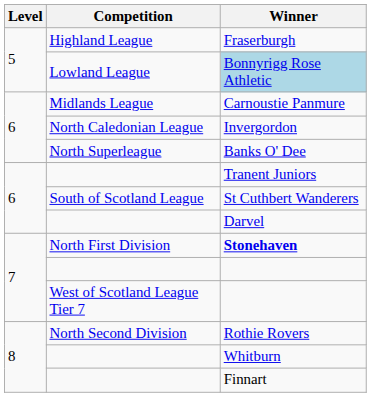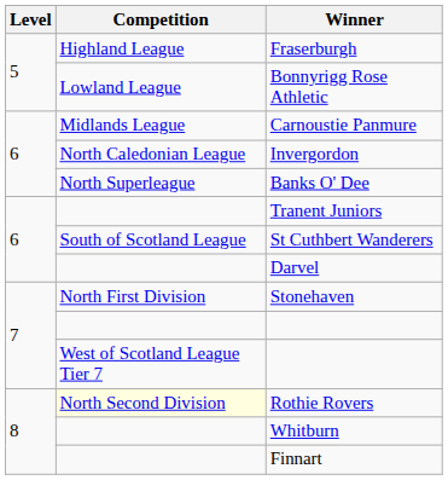 <table class="wikitable">
 <tr>
 <th>Level</th>
 <th width=180>Competition</th>
 <th width=150>Winner</th>
 </tr>
 <tr>
 <td rowspan="2">5</td>
 <td><a href='#'>Highland League</a></td>
 <td><a href='#'>Fraserburgh</a></td>
 </tr>
 <tr>
 <td><a href='#'>Lowland League</a></td>
-<td style="background: lightblue;"><a href='#'>Bonnyrigg Rose Athletic</a></td>
+<td><a href='#'>Bonnyrigg Rose Athletic</a></td>
 </tr>
 <tr>
 <td rowspan="3">6</td>
 <td><a href='#'>Midlands League</a></td>
 <td><a href='#'>Carnoustie Panmure</a></td>
 </tr>
 <tr>
 <td><a href='#'>North Caledonian League</a></td>
 <td><a href='#'>Invergordon</a></td>
 </tr>
 <tr>
 <td><a href='#'>North Superleague</a></td>
 <td><a href='#'>Banks O' Dee</a></td>
 </tr>
 <tr>
 <td rowspan="3">6</td>
 <td></td>
 <td><a href='#'>Tranent Juniors</a></td>
 </tr>
 <tr>
 <td><a href='#'>South of Scotland League</a></td>
 <td><a href='#'>St Cuthbert Wanderers</a></td>
 </tr>
 <tr>
 <td></td>
 <td><a href='#'>Darvel</a></td>
 </tr>
 <tr>
 <td rowspan="3">7</td>
 <td><a href='#'>North First Division</a></td>
-<td><strong><a href='#'>Stonehaven</a></strong></td>
+<td><a href='#'>Stonehaven</a></td>
 </tr>
 <tr>
 <td></td>
 <td> <br></td>
 </tr>
 <tr>
 <td><a href='#'>West of Scotland League Tier 7</a></td>
 <td> <br> <br></td>
 </tr>
 <tr>
 <td rowspan="3">8</td>
-<td><a href='#'>North Second Division</a></td>
+<td style="background: lightyellow;"><a href='#'>North Second Division</a></td>
 <td><a href='#'>Rothie Rovers</a></td>
 </tr>
 <tr>
 <td></td>
 <td><a href='#'>Whitburn</a></td>
 </tr>
 <tr>
 <td></td>
 <td>Finnart</td>
 </tr>
 </table>
